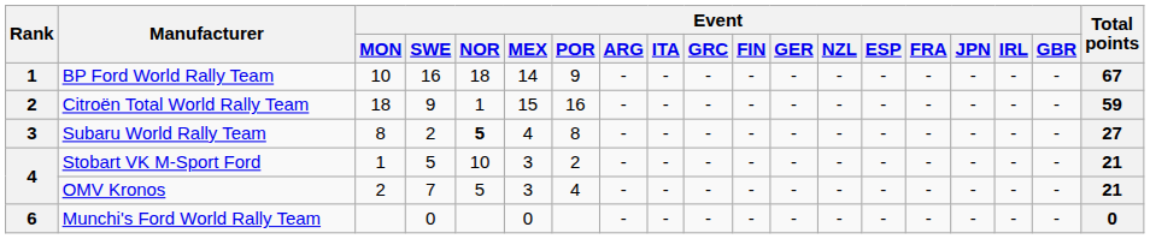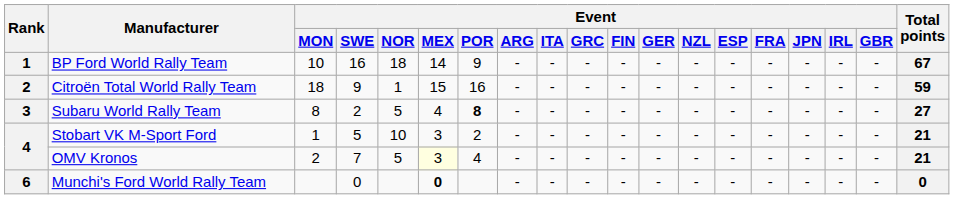 <table class="wikitable" style="text-align:center; font-size:90%;">
 <tr>
 <th rowspan=2>Rank</th>
 <th rowspan=2 style="width:16em">Manufacturer</th>
 <th colspan=16>Event</th>
 <th rowspan=2>Total<br>points</th>
 </tr>
 <tr valign="top">
 <th><a href='#'>MON</a><br></th>
 <th><a href='#'>SWE</a><br></th>
 <th><a href='#'>NOR</a><br></th>
 <th><a href='#'>MEX</a><br></th>
 <th><a href='#'>POR</a><br></th>
 <th><a href='#'>ARG</a><br></th>
 <th><a href='#'>ITA</a><br></th>
 <th><a href='#'>GRC</a><br></th>
 <th><a href='#'>FIN</a><br></th>
 <th><a href='#'>GER</a><br></th>
 <th><a href='#'>NZL</a><br></th>
 <th><a href='#'>ESP</a><br></th>
 <th><a href='#'>FRA</a><br></th>
 <th><a href='#'>JPN</a><br></th>
 <th><a href='#'>IRL</a><br></th>
 <th><a href='#'>GBR</a><br></th>
 </tr>
 <tr>
 <th>1</th>
 <td align=left><a href='#'>BP Ford World Rally Team</a></td>
 <td>10</td>
 <td>16</td>
 <td>18</td>
 <td>14</td>
 <td>9</td>
 <td>-</td>
 <td>-</td>
 <td>-</td>
 <td>-</td>
 <td>-</td>
 <td>-</td>
 <td>-</td>
 <td>-</td>
 <td>-</td>
 <td>-</td>
 <td>-</td>
 <th>67</th>
 </tr>
 <tr>
 <th>2</th>
 <td align=left><a href='#'>Citroën Total World Rally Team</a></td>
 <td>18</td>
 <td>9</td>
 <td>1</td>
 <td>15</td>
 <td>16</td>
 <td>-</td>
 <td>-</td>
 <td>-</td>
 <td>-</td>
 <td>-</td>
 <td>-</td>
 <td>-</td>
 <td>-</td>
 <td>-</td>
 <td>-</td>
 <td>-</td>
 <th>59</th>
 </tr>
 <tr>
 <th>3</th>
 <td align=left><a href='#'>Subaru World Rally Team</a></td>
 <td>8</td>
 <td>2</td>
-<td><strong>5</strong></td>
+<td>5</td>
 <td>4</td>
-<td>8</td>
+<td><strong>8</strong></td>
 <td>-</td>
 <td>-</td>
 <td>-</td>
 <td>-</td>
 <td>-</td>
 <td>-</td>
 <td>-</td>
 <td>-</td>
 <td>-</td>
 <td>-</td>
 <td>-</td>
 <th>27</th>
 </tr>
 <tr>
 <th rowspan=2>4</th>
 <td align=left><a href='#'>Stobart VK M-Sport Ford</a></td>
 <td>1</td>
 <td>5</td>
 <td>10</td>
 <td>3</td>
 <td>2</td>
 <td>-</td>
 <td>-</td>
 <td>-</td>
 <td>-</td>
 <td>-</td>
 <td>-</td>
 <td>-</td>
 <td>-</td>
 <td>-</td>
 <td>-</td>
 <td>-</td>
 <th>21</th>
 </tr>
 <tr>
 <td align=left><a href='#'>OMV Kronos</a></td>
 <td>2</td>
 <td>7</td>
 <td>5</td>
-<td>3</td>
+<td style="background: lightyellow;">3</td>
 <td>4</td>
 <td>-</td>
 <td>-</td>
 <td>-</td>
 <td>-</td>
 <td>-</td>
 <td>-</td>
 <td>-</td>
 <td>-</td>
 <td>-</td>
 <td>-</td>
 <td>-</td>
 <th>21</th>
 </tr>
 <tr>
 <th>6</th>
 <td align="left"><a href='#'>Munchi's Ford World Rally Team</a></td>
 <td></td>
 <td>0</td>
 <td></td>
-<td>0</td>
+<td><strong>0</strong></td>
 <td></td>
 <td>-</td>
 <td>-</td>
 <td>-</td>
 <td>-</td>
 <td>-</td>
 <td>-</td>
 <td>-</td>
 <td>-</td>
 <td>-</td>
 <td>-</td>
 <td>-</td>
 <th>0</th>
 </tr>
 </table>
